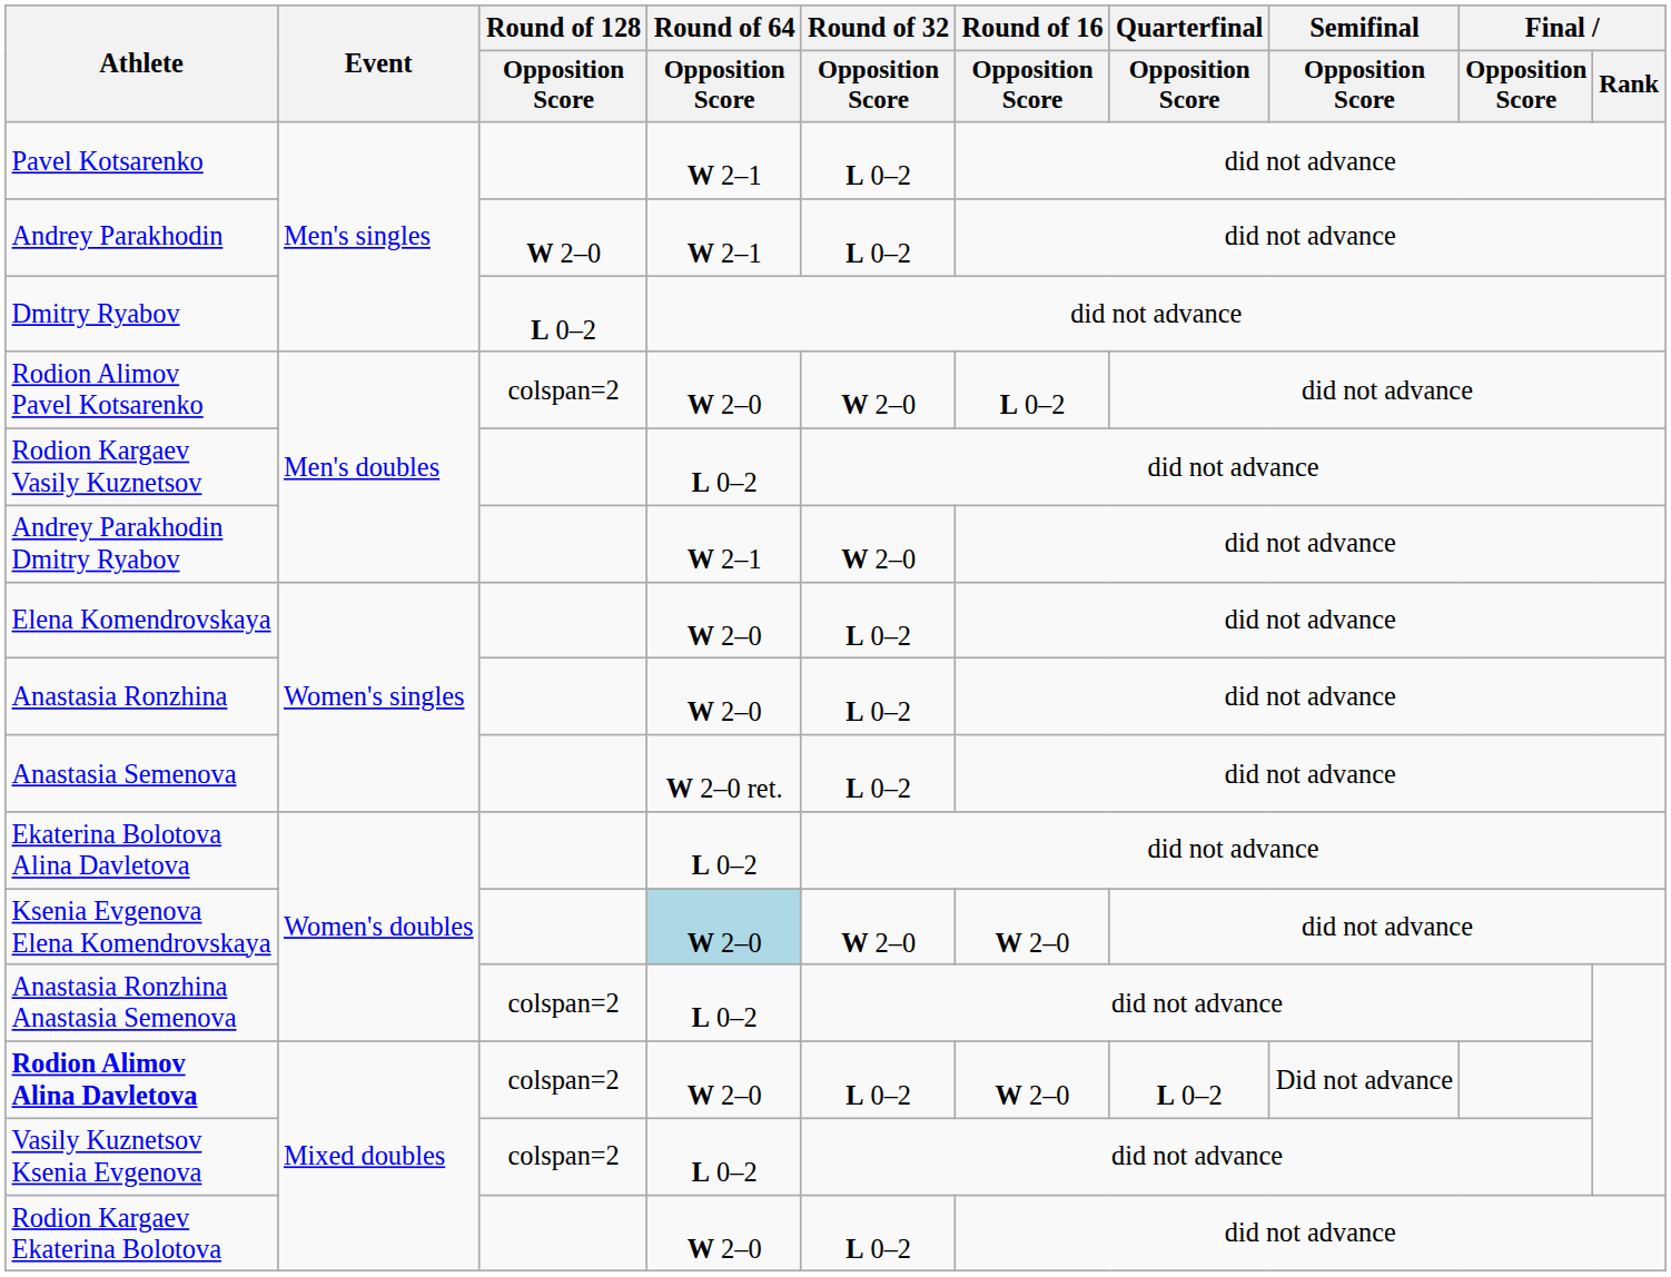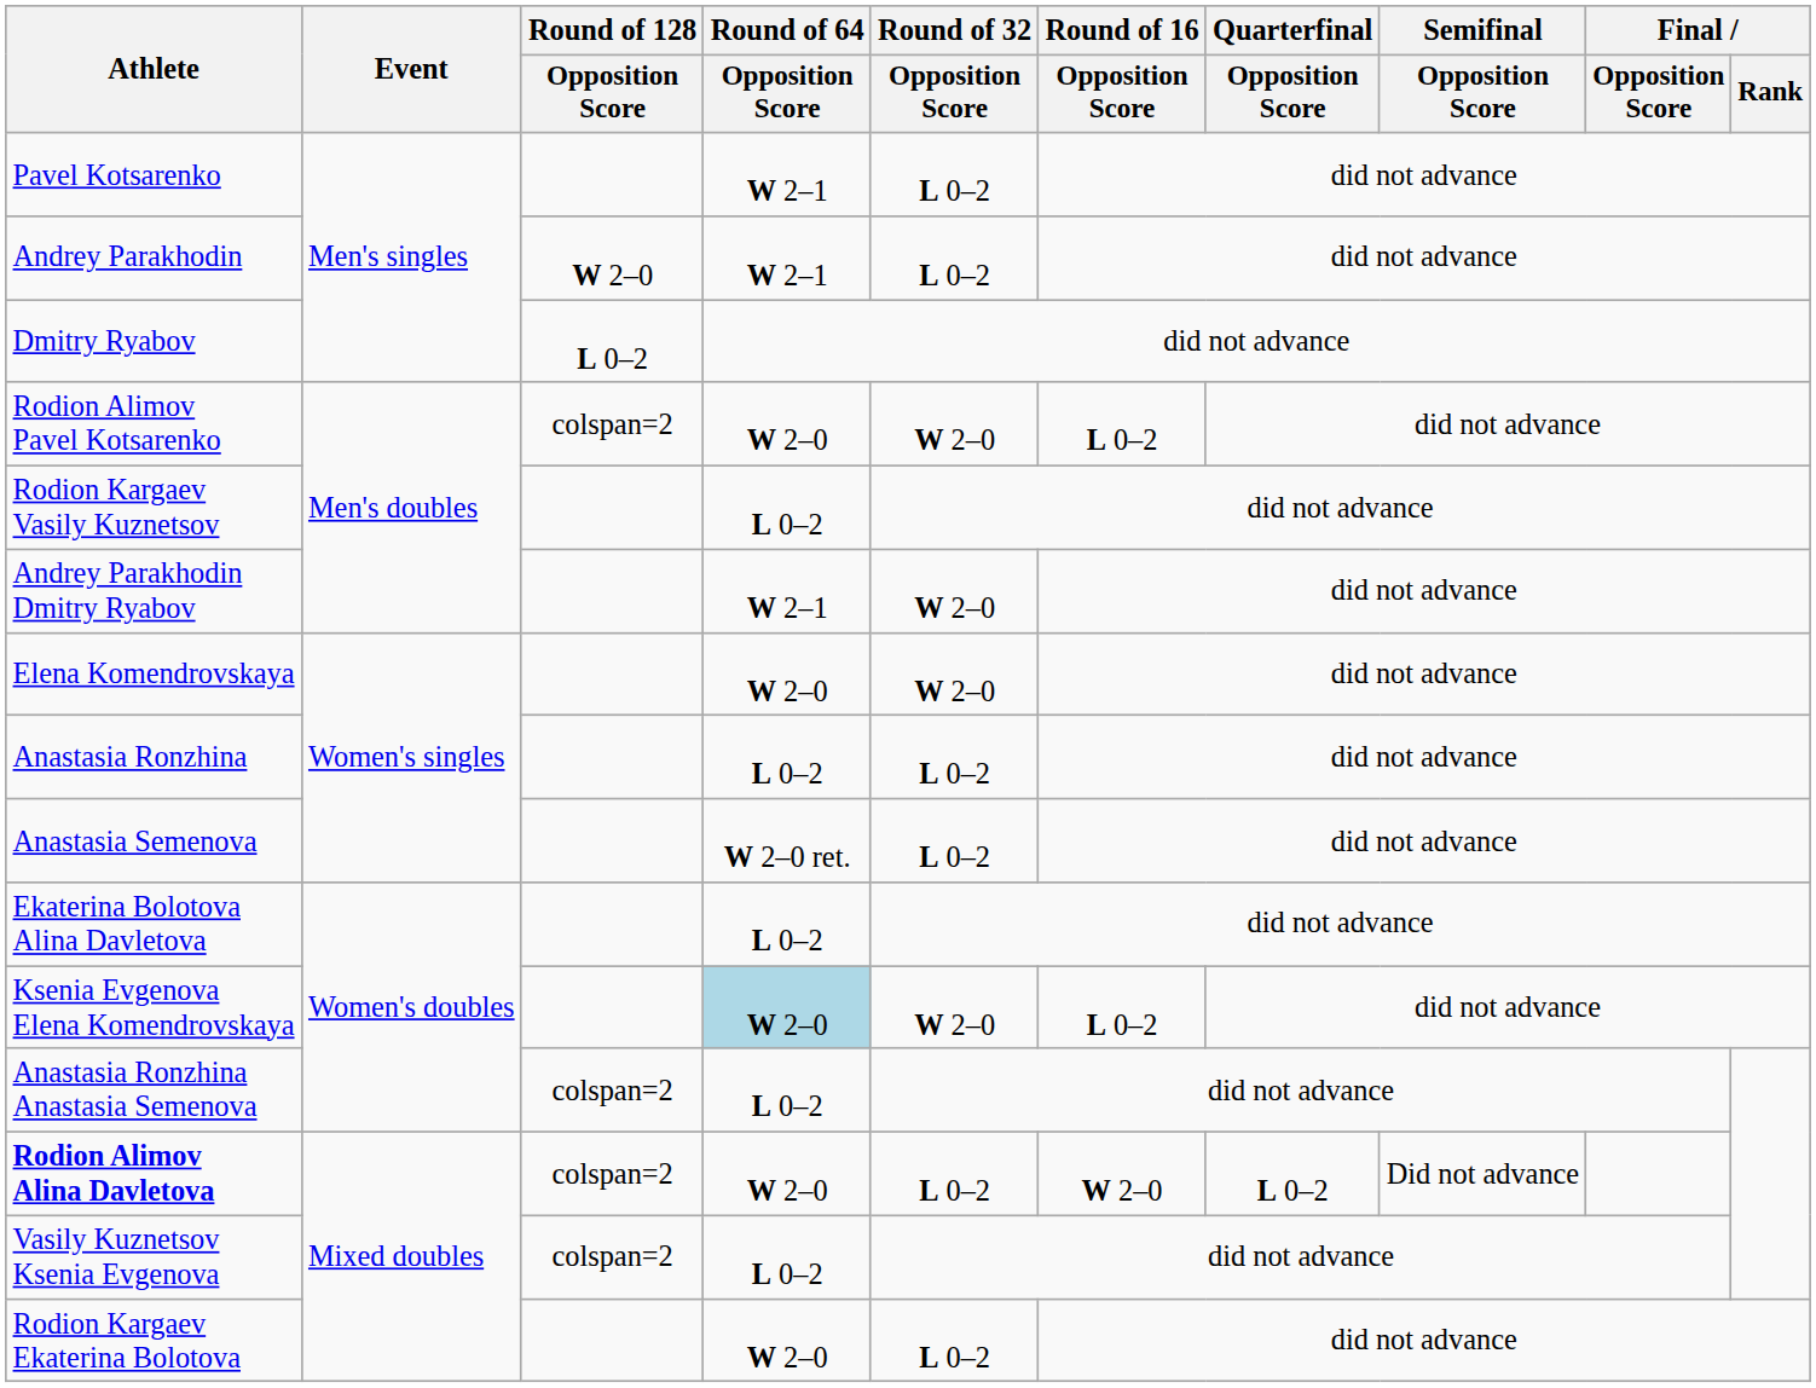 <table class="wikitable" style="text-align:center; font-size:90%">
 <tr>
 <th rowspan=2>Athlete</th>
 <th rowspan=2>Event</th>
 <th>Round of 128</th>
 <th>Round of 64</th>
 <th>Round of 32</th>
 <th>Round of 16</th>
 <th>Quarterfinal</th>
 <th>Semifinal</th>
 <th colspan=2>Final / </th>
 </tr>
 <tr style="font-size:95%">
 <th>Opposition<br>Score</th>
 <th>Opposition<br>Score</th>
 <th>Opposition<br>Score</th>
 <th>Opposition<br>Score</th>
 <th>Opposition<br>Score</th>
 <th>Opposition<br>Score</th>
 <th>Opposition<br>Score</th>
 <th>Rank</th>
 </tr>
 <tr>
 <td align=left><a href='#'>Pavel Kotsarenko</a></td>
 <td align=left rowspan=3><a href='#'>Men's singles</a></td>
 <td></td>
 <td><br><strong>W</strong> 2–1</td>
 <td><br><strong>L</strong> 0–2</td>
 <td colspan=5>did not advance</td>
 </tr>
 <tr>
 <td align=left><a href='#'>Andrey Parakhodin</a></td>
 <td><br><strong>W</strong> 2–0</td>
 <td><br><strong>W</strong> 2–1</td>
 <td><br><strong>L</strong> 0–2</td>
 <td colspan=5>did not advance</td>
 </tr>
 <tr>
 <td align=left><a href='#'>Dmitry Ryabov</a></td>
 <td><br><strong>L</strong> 0–2</td>
 <td colspan=7>did not advance</td>
 </tr>
 <tr>
 <td align=left><a href='#'>Rodion Alimov</a><br><a href='#'>Pavel Kotsarenko</a></td>
 <td align=left rowspan=3><a href='#'>Men's doubles</a></td>
 <td>colspan=2 </td>
 <td><br><strong>W</strong> 2–0</td>
 <td><br><strong>W</strong> 2–0</td>
 <td><br><strong>L</strong> 0–2</td>
 <td colspan=4>did not advance</td>
 </tr>
 <tr>
 <td align=left><a href='#'>Rodion Kargaev</a><br><a href='#'>Vasily Kuznetsov</a></td>
 <td></td>
 <td><br><strong>L</strong> 0–2</td>
 <td colspan=6>did not advance</td>
 </tr>
 <tr>
 <td align=left><a href='#'>Andrey Parakhodin</a><br><a href='#'>Dmitry Ryabov</a></td>
 <td></td>
 <td><br><strong>W</strong> 2–1</td>
 <td><br><strong>W</strong> 2–0</td>
 <td colspan=5>did not advance</td>
 </tr>
 <tr>
 <td align=left><a href='#'>Elena Komendrovskaya</a></td>
 <td align=left rowspan=3><a href='#'>Women's singles</a></td>
 <td></td>
 <td><br><strong>W</strong> 2–0</td>
-<td><br><strong>L</strong> 0–2</td>
+<td><br><strong>W</strong> 2–0</td>
 <td colspan=5>did not advance</td>
 </tr>
 <tr>
 <td align=left><a href='#'>Anastasia Ronzhina</a></td>
 <td></td>
-<td><br><strong>W</strong> 2–0</td>
+<td><br><strong>L</strong> 0–2</td>
 <td><br><strong>L</strong> 0–2</td>
 <td colspan=5>did not advance</td>
 </tr>
 <tr>
 <td align=left><a href='#'>Anastasia Semenova</a></td>
 <td></td>
 <td><br><strong>W</strong> 2–0 ret.</td>
 <td><br><strong>L</strong> 0–2</td>
 <td colspan=5>did not advance</td>
 </tr>
 <tr>
 <td align=left><a href='#'>Ekaterina Bolotova</a><br><a href='#'>Alina Davletova</a></td>
 <td align=left rowspan=3><a href='#'>Women's doubles</a></td>
 <td></td>
 <td><br><strong>L</strong> 0–2</td>
 <td colspan=6>did not advance</td>
 </tr>
 <tr>
 <td align=left><a href='#'>Ksenia Evgenova</a><br><a href='#'>Elena Komendrovskaya</a></td>
 <td></td>
 <td style="background: lightblue;"><br><strong>W</strong> 2–0</td>
 <td><br><strong>W</strong> 2–0</td>
-<td><br><strong>W</strong> 2–0</td>
+<td><br><strong>L</strong> 0–2</td>
 <td colspan=4>did not advance</td>
 </tr>
 <tr>
 <td align=left><a href='#'>Anastasia Ronzhina</a><br><a href='#'>Anastasia Semenova</a></td>
 <td>colspan=2 </td>
 <td><br><strong>L</strong> 0–2</td>
 <td colspan=5>did not advance</td>
 </tr>
 <tr>
 <td align=left><strong><a href='#'>Rodion Alimov</a><br><a href='#'>Alina Davletova</a></strong></td>
 <td align=left rowspan=3><a href='#'>Mixed doubles</a></td>
 <td>colspan=2 </td>
 <td><br><strong>W</strong> 2–0</td>
 <td><br><strong>L</strong> 0–2</td>
 <td><br><strong>W</strong> 2–0</td>
 <td><br><strong>L</strong> 0–2</td>
 <td>Did not advance</td>
 <td></td>
 </tr>
 <tr>
 <td align=left><a href='#'>Vasily Kuznetsov</a><br><a href='#'>Ksenia Evgenova</a></td>
 <td>colspan=2 </td>
 <td><br><strong>L</strong> 0–2</td>
 <td colspan=5>did not advance</td>
 </tr>
 <tr>
 <td align=left><a href='#'>Rodion Kargaev</a><br><a href='#'>Ekaterina Bolotova</a></td>
 <td></td>
 <td><br><strong>W</strong> 2–0</td>
 <td><br><strong>L</strong> 0–2</td>
 <td colspan=5>did not advance</td>
 </tr>
 </table>
